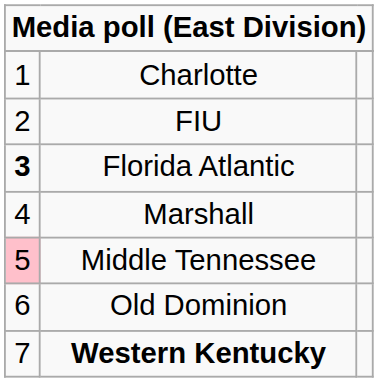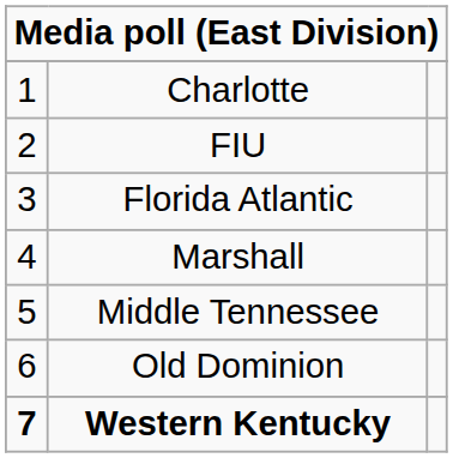 <table class="wikitable" style="display: inline-table;">
 <tr>
 <td align="center" Colspan="3"><strong>Media poll (East Division)</strong></td>
 </tr>
 <tr align="center">
 </tr>
 <tr align="center">
 <td>1</td>
 <td>Charlotte</td>
 <td></td>
 </tr>
 <tr align="center">
 <td>2</td>
 <td>FIU</td>
 <td></td>
 </tr>
 <tr align="center">
-<td><strong>3</strong></td>
+<td>3</td>
 <td>Florida Atlantic</td>
 <td></td>
 </tr>
 <tr align="center">
 <td>4</td>
 <td>Marshall</td>
 <td></td>
 </tr>
 <tr align="center">
-<td style="background: pink;">5</td>
+<td>5</td>
 <td>Middle Tennessee</td>
 <td></td>
 </tr>
 <tr align="center">
 <td>6</td>
 <td>Old Dominion</td>
 <td></td>
 </tr>
 <tr align="center">
-<td>7</td>
+<td><strong>7</strong></td>
 <td><strong>Western Kentucky</strong></td>
 <td></td>
 </tr>
 </table>
